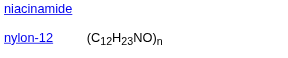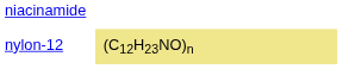 <table cellpadding="8">
 <tr valign="top">
 <td width="20%"><a href='#'>niacinamide</a></td>
 <td width="50%"></td>
 <td width="30%"></td>
 </tr>
 <tr valign="top">
 <td width="20%"><a href='#'>nylon-12</a></td>
-<td width="50%">(C<sub>12</sub>H<sub>23</sub>NO)<sub>n</sub></td>
+<td width="50%" style="background: khaki;">(C<sub>12</sub>H<sub>23</sub>NO)<sub>n</sub></td>
 <td width="30%"></td>
 </tr>
 </table>
